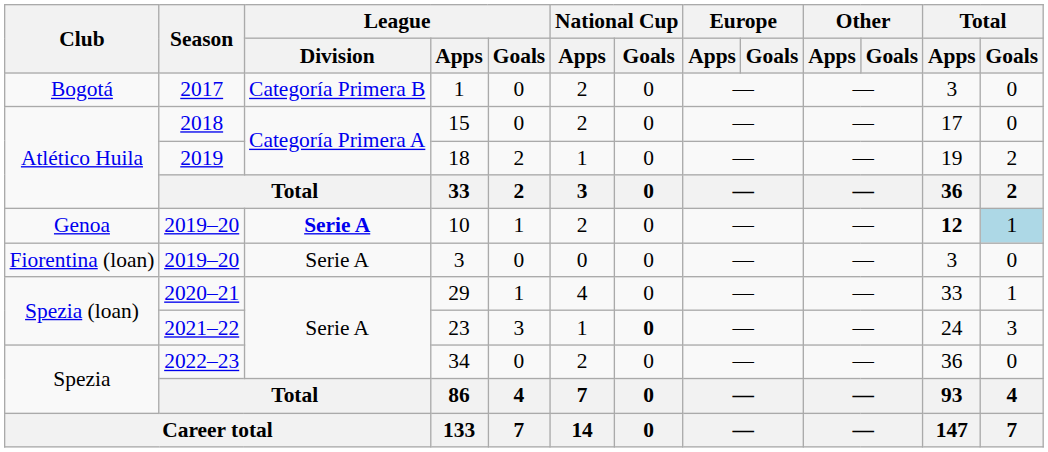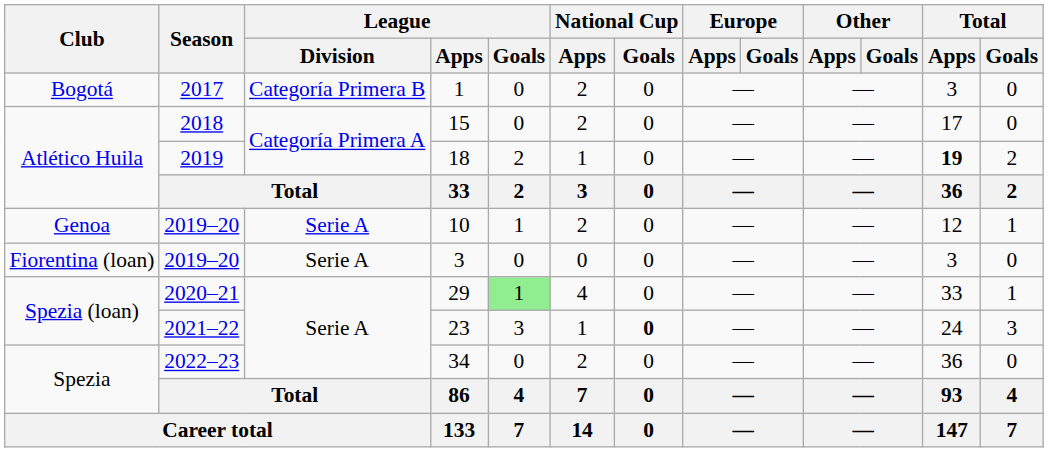 <table class="wikitable" style="text-align:center">
 <tr>
 <th rowspan="2">Club</th>
 <th rowspan="2">Season</th>
 <th colspan="3">League</th>
 <th colspan="2">National Cup</th>
 <th colspan="2">Europe</th>
 <th colspan="2">Other</th>
 <th colspan="2">Total</th>
 </tr>
 <tr>
 <th>Division</th>
 <th>Apps</th>
 <th>Goals</th>
 <th>Apps</th>
 <th>Goals</th>
 <th>Apps</th>
 <th>Goals</th>
 <th>Apps</th>
 <th>Goals</th>
 <th>Apps</th>
 <th>Goals</th>
 </tr>
 <tr>
 <td><a href='#'>Bogotá</a></td>
 <td><a href='#'>2017</a></td>
 <td><a href='#'>Categoría Primera B</a></td>
 <td>1</td>
 <td>0</td>
 <td>2</td>
 <td>0</td>
 <td colspan="2">—</td>
 <td colspan="2">—</td>
 <td>3</td>
 <td>0</td>
 </tr>
 <tr>
 <td rowspan="3"><a href='#'>Atlético Huila</a></td>
 <td><a href='#'>2018</a></td>
 <td rowspan="2"><a href='#'>Categoría Primera A</a></td>
 <td>15</td>
 <td>0</td>
 <td>2</td>
 <td>0</td>
 <td colspan="2">—</td>
 <td colspan="2">—</td>
 <td>17</td>
 <td>0</td>
 </tr>
 <tr>
 <td><a href='#'>2019</a></td>
 <td>18</td>
 <td>2</td>
 <td>1</td>
 <td>0</td>
 <td colspan="2">—</td>
 <td colspan="2">—</td>
-<td>19</td>
+<td><strong>19</strong></td>
 <td>2</td>
 </tr>
 <tr>
 <th colspan="2">Total</th>
 <th>33</th>
 <th>2</th>
 <th>3</th>
 <th>0</th>
 <th colspan="2">—</th>
 <th colspan="2">—</th>
 <th>36</th>
 <th>2</th>
 </tr>
 <tr>
 <td><a href='#'>Genoa</a></td>
 <td><a href='#'>2019–20</a></td>
-<td><strong><a href='#'>Serie A</a></strong></td>
+<td><a href='#'>Serie A</a></td>
 <td>10</td>
 <td>1</td>
 <td>2</td>
 <td>0</td>
 <td colspan="2">—</td>
 <td colspan="2">—</td>
-<td><strong>12</strong></td>
-<td style="background: lightblue;">1</td>
+<td>12</td>
+<td>1</td>
 </tr>
 <tr>
 <td><a href='#'>Fiorentina</a> (loan)</td>
 <td><a href='#'>2019–20</a></td>
 <td>Serie A</td>
 <td>3</td>
 <td>0</td>
 <td>0</td>
 <td>0</td>
 <td colspan="2">—</td>
 <td colspan="2">—</td>
 <td>3</td>
 <td>0</td>
 </tr>
 <tr>
 <td rowspan="2"><a href='#'>Spezia</a> (loan)</td>
 <td><a href='#'>2020–21</a></td>
 <td rowspan="3">Serie A</td>
 <td>29</td>
-<td>1</td>
+<td style="background: lightgreen;">1</td>
 <td>4</td>
 <td>0</td>
 <td colspan="2">—</td>
 <td colspan="2">—</td>
 <td>33</td>
 <td>1</td>
 </tr>
 <tr>
 <td><a href='#'>2021–22</a></td>
 <td>23</td>
 <td>3</td>
 <td>1</td>
 <td><strong>0</strong></td>
 <td colspan="2">—</td>
 <td colspan="2">—</td>
 <td>24</td>
 <td>3</td>
 </tr>
 <tr>
 <td rowspan="2">Spezia</td>
 <td><a href='#'>2022–23</a></td>
 <td>34</td>
 <td>0</td>
 <td>2</td>
 <td>0</td>
 <td colspan="2">—</td>
 <td colspan="2">—</td>
 <td>36</td>
 <td>0</td>
 </tr>
 <tr>
 <th colspan="2">Total</th>
 <th>86</th>
 <th>4</th>
 <th>7</th>
 <th>0</th>
 <th colspan="2">—</th>
 <th colspan="2">—</th>
 <th>93</th>
 <th>4</th>
 </tr>
 <tr>
 <th colspan="3">Career total</th>
 <th>133</th>
 <th>7</th>
 <th>14</th>
 <th>0</th>
 <th colspan="2">—</th>
 <th colspan="2">—</th>
 <th>147</th>
 <th>7</th>
 </tr>
 </table>
